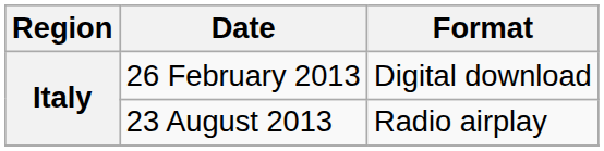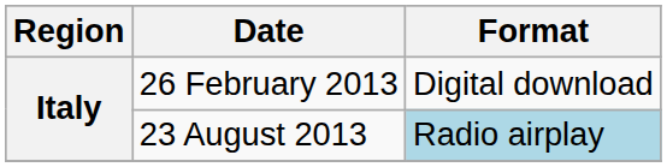 <table class="wikitable plainrowheaders">
 <tr>
 <th>Region</th>
 <th>Date</th>
 <th>Format</th>
 </tr>
 <tr>
 <th rowspan="2" scope="row">Italy</th>
 <td>26 February 2013</td>
 <td>Digital download</td>
 </tr>
 <tr>
 <td>23 August 2013</td>
-<td>Radio airplay</td>
+<td style="background: lightblue;">Radio airplay</td>
 </tr>
 <tr>
 </tr>
 </table>
